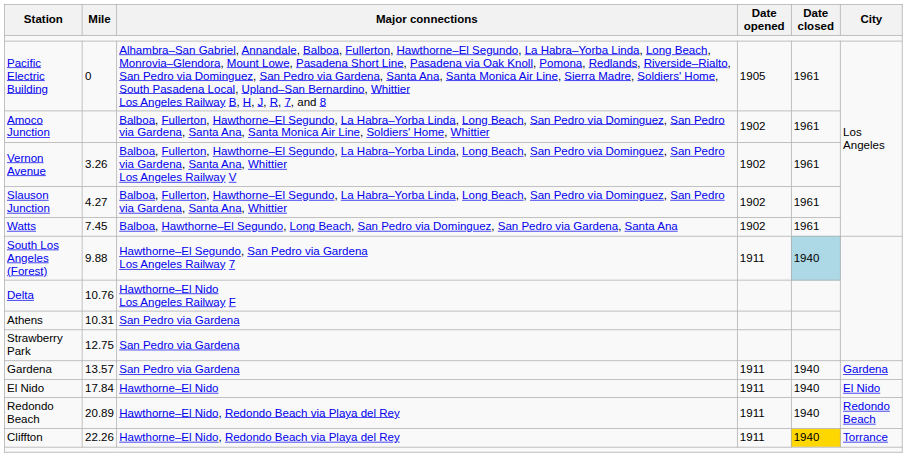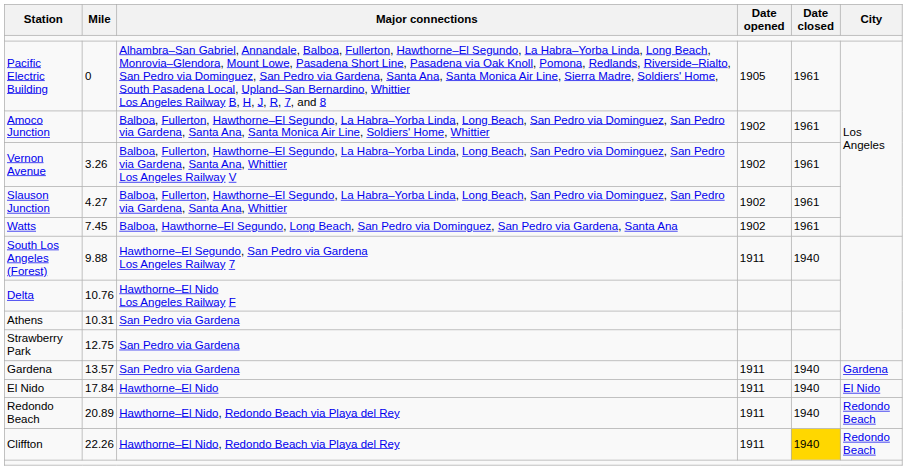 <table class="wikitable">
 <tr>
 <th>Station</th>
 <th>Mile</th>
 <th>Major connections</th>
 <th>Date opened</th>
 <th>Date closed</th>
 <th>City</th>
 </tr>
 <tr>
 <td colspan = "6"></td>
 </tr>
 <tr>
 <td><a href='#'>Pacific Electric Building</a></td>
 <td>0</td>
 <td><a href='#'>Alhambra–San Gabriel</a>, <a href='#'>Annandale</a>, <a href='#'>Balboa</a>, <a href='#'>Fullerton</a>, <a href='#'>Hawthorne–El Segundo</a>, <a href='#'>La Habra–Yorba Linda</a>, <a href='#'>Long Beach</a>, <a href='#'>Monrovia–Glendora</a>, <a href='#'>Mount Lowe</a>, <a href='#'>Pasadena Short Line</a>, <a href='#'>Pasadena via Oak Knoll</a>, <a href='#'>Pomona</a>, <a href='#'>Redlands</a>, <a href='#'>Riverside–Rialto</a>, <a href='#'>San Pedro via Dominguez</a>, <a href='#'>San Pedro via Gardena</a>, <a href='#'>Santa Ana</a>, <a href='#'>Santa Monica Air Line</a>, <a href='#'>Sierra Madre</a>, <a href='#'>Soldiers' Home</a>, <a href='#'>South Pasadena Local</a>, <a href='#'>Upland–San Bernardino</a>, <a href='#'>Whittier</a><br><a href='#'>Los Angeles Railway</a> <a href='#'>B</a>, <a href='#'>H</a>, <a href='#'>J</a>, <a href='#'>R</a>, <a href='#'>7</a>, and <a href='#'>8</a></td>
 <td>1905</td>
 <td>1961</td>
 <td rowspan=5>Los Angeles</td>
 </tr>
 <tr>
 <td><a href='#'>Amoco Junction</a></td>
 <td></td>
 <td><a href='#'>Balboa</a>, <a href='#'>Fullerton</a>, <a href='#'>Hawthorne–El Segundo</a>, <a href='#'>La Habra–Yorba Linda</a>, <a href='#'>Long Beach</a>, <a href='#'>San Pedro via Dominguez</a>, <a href='#'>San Pedro via Gardena</a>, <a href='#'>Santa Ana</a>, <a href='#'>Santa Monica Air Line</a>, <a href='#'>Soldiers' Home</a>, <a href='#'>Whittier</a></td>
 <td>1902</td>
 <td>1961</td>
 </tr>
 <tr>
 <td><a href='#'>Vernon Avenue</a></td>
 <td>3.26</td>
 <td><a href='#'>Balboa</a>, <a href='#'>Fullerton</a>, <a href='#'>Hawthorne–El Segundo</a>, <a href='#'>La Habra–Yorba Linda</a>, <a href='#'>Long Beach</a>, <a href='#'>San Pedro via Dominguez</a>, <a href='#'>San Pedro via Gardena</a>, <a href='#'>Santa Ana</a>, <a href='#'>Whittier</a><br><a href='#'>Los Angeles Railway</a> <a href='#'>V</a></td>
 <td>1902</td>
 <td>1961</td>
 </tr>
 <tr>
 <td><a href='#'>Slauson Junction</a></td>
 <td>4.27</td>
 <td><a href='#'>Balboa</a>, <a href='#'>Fullerton</a>, <a href='#'>Hawthorne–El Segundo</a>, <a href='#'>La Habra–Yorba Linda</a>, <a href='#'>Long Beach</a>, <a href='#'>San Pedro via Dominguez</a>, <a href='#'>San Pedro via Gardena</a>, <a href='#'>Santa Ana</a>, <a href='#'>Whittier</a></td>
 <td>1902</td>
 <td>1961</td>
 </tr>
 <tr>
 <td><a href='#'>Watts</a></td>
 <td>7.45</td>
 <td><a href='#'>Balboa</a>, <a href='#'>Hawthorne–El Segundo</a>, <a href='#'>Long Beach</a>, <a href='#'>San Pedro via Dominguez</a>, <a href='#'>San Pedro via Gardena</a>, <a href='#'>Santa Ana</a></td>
 <td>1902</td>
 <td>1961</td>
 </tr>
 <tr>
 <td><a href='#'>South Los Angeles<br>(Forest)</a></td>
 <td>9.88</td>
 <td><a href='#'>Hawthorne–El Segundo</a>, <a href='#'>San Pedro via Gardena</a><br><a href='#'>Los Angeles Railway</a> <a href='#'>7</a></td>
 <td>1911</td>
-<td style="background: lightblue;">1940</td>
+<td>1940</td>
 </tr>
 <tr>
 <td><a href='#'>Delta</a></td>
 <td>10.76</td>
 <td><a href='#'>Hawthorne–El Nido</a><br><a href='#'>Los Angeles Railway</a> <a href='#'>F</a></td>
 <td></td>
 <td></td>
 </tr>
 <tr>
 <td>Athens</td>
 <td>10.31</td>
 <td><a href='#'>San Pedro via Gardena</a></td>
 <td></td>
 <td></td>
 </tr>
 <tr>
 <td>Strawberry Park</td>
 <td>12.75</td>
 <td><a href='#'>San Pedro via Gardena</a></td>
 <td></td>
 <td></td>
 </tr>
 <tr>
 <td>Gardena</td>
 <td>13.57</td>
 <td><a href='#'>San Pedro via Gardena</a></td>
 <td>1911</td>
 <td>1940</td>
 <td rowspan=1><a href='#'>Gardena</a></td>
 </tr>
 <tr>
 <td>El Nido</td>
 <td>17.84</td>
 <td><a href='#'>Hawthorne–El Nido</a></td>
 <td>1911</td>
 <td>1940</td>
 <td rowspan=1><a href='#'>El Nido</a></td>
 </tr>
 <tr>
 <td>Redondo Beach</td>
 <td>20.89</td>
 <td><a href='#'>Hawthorne–El Nido</a>, <a href='#'>Redondo Beach via Playa del Rey</a></td>
 <td>1911</td>
 <td>1940</td>
 <td rowspan=1><a href='#'>Redondo Beach</a></td>
 </tr>
 <tr>
 <td>Cliffton</td>
 <td>22.26</td>
 <td><a href='#'>Hawthorne–El Nido</a>, <a href='#'>Redondo Beach via Playa del Rey</a></td>
 <td>1911</td>
 <td style="background: gold;">1940</td>
-<td rowspan=1><a href='#'>Torrance</a></td>
+<td rowspan=1><a href='#'>Redondo Beach</a></td>
 </tr>
 <tr>
 <td colspan = "6"></td>
 </tr>
 </table>
